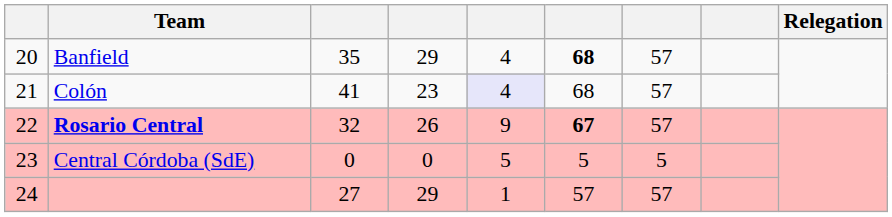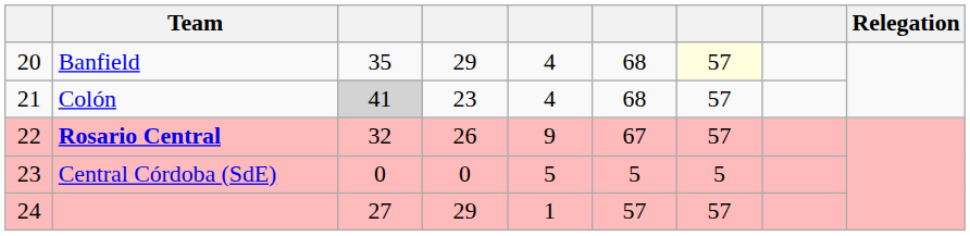 <table class="wikitable sortable" style="text-align: center;">
 <tr>
 <th width=25></th>
 <th width=185>Team</th>
 <th width=50></th>
 <th width=50></th>
 <th width=50></th>
 <th width=50></th>
 <th width=50></th>
 <th width=50></th>
 <th>Relegation</th>
 </tr>
 <tr>
 <td>20</td>
 <td align="left"><a href='#'>Banfield</a></td>
 <td>35</td>
 <td>29</td>
 <td>4</td>
-<td><strong>68</strong></td>
-<td>57</td>
+<td>68</td>
+<td style="background: lightyellow;">57</td>
 <td><strong></strong></td>
 </tr>
 <tr>
 <td>21</td>
 <td align="left"><a href='#'>Colón</a></td>
-<td>41</td>
+<td style="background: lightgrey;">41</td>
 <td>23</td>
-<td style="background: lavender;">4</td>
+<td>4</td>
 <td>68</td>
 <td>57</td>
 <td><strong></strong></td>
 </tr>
 <tr bgcolor=#FFBBBB>
 <td>22</td>
 <td align="left"><strong><a href='#'>Rosario Central</a></strong></td>
 <td>32</td>
 <td>26</td>
 <td>9</td>
-<td><strong>67</strong></td>
+<td>67</td>
 <td>57</td>
 <td><strong></strong></td>
 <td rowspan=3></td>
 </tr>
 <tr bgcolor=#FFBBBB>
 <td>23</td>
 <td align="left"><a href='#'>Central Córdoba (SdE)</a></td>
 <td>0</td>
 <td>0</td>
 <td>5</td>
 <td>5</td>
 <td>5</td>
 <td><strong></strong></td>
 </tr>
 <tr bgcolor=#FFBBBB>
 <td>24</td>
 <td align="left"></td>
 <td>27</td>
 <td>29</td>
 <td>1</td>
 <td>57</td>
 <td>57</td>
 <td><strong></strong></td>
 </tr>
 </table>
